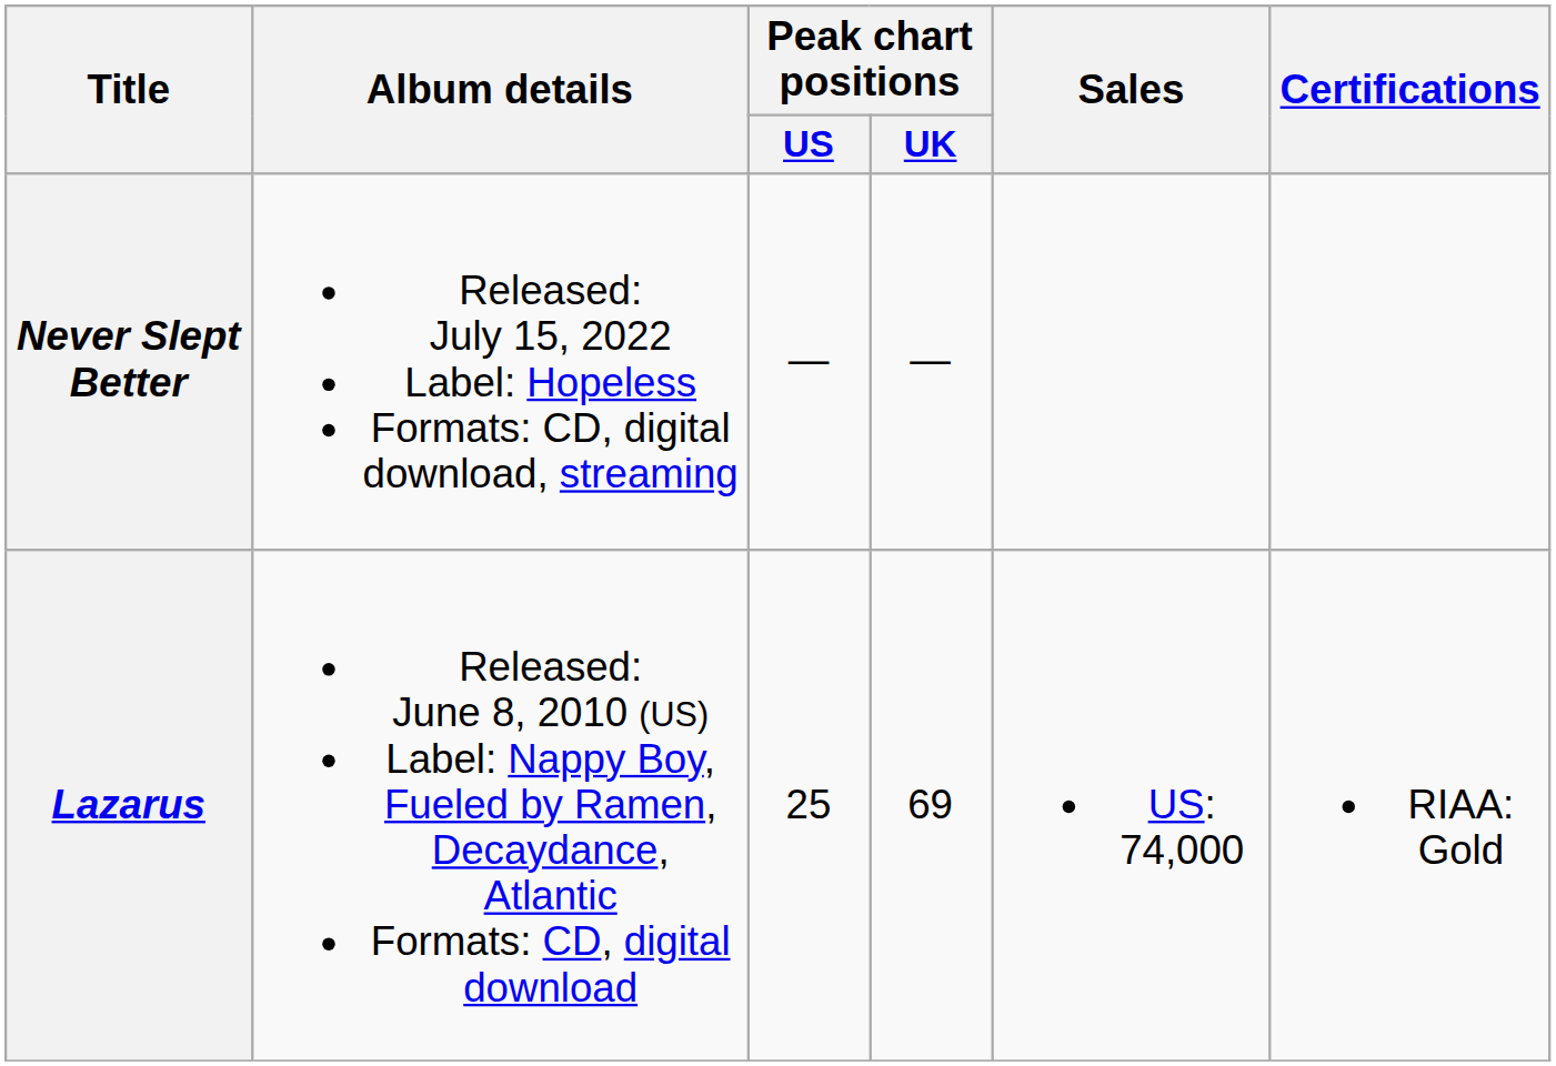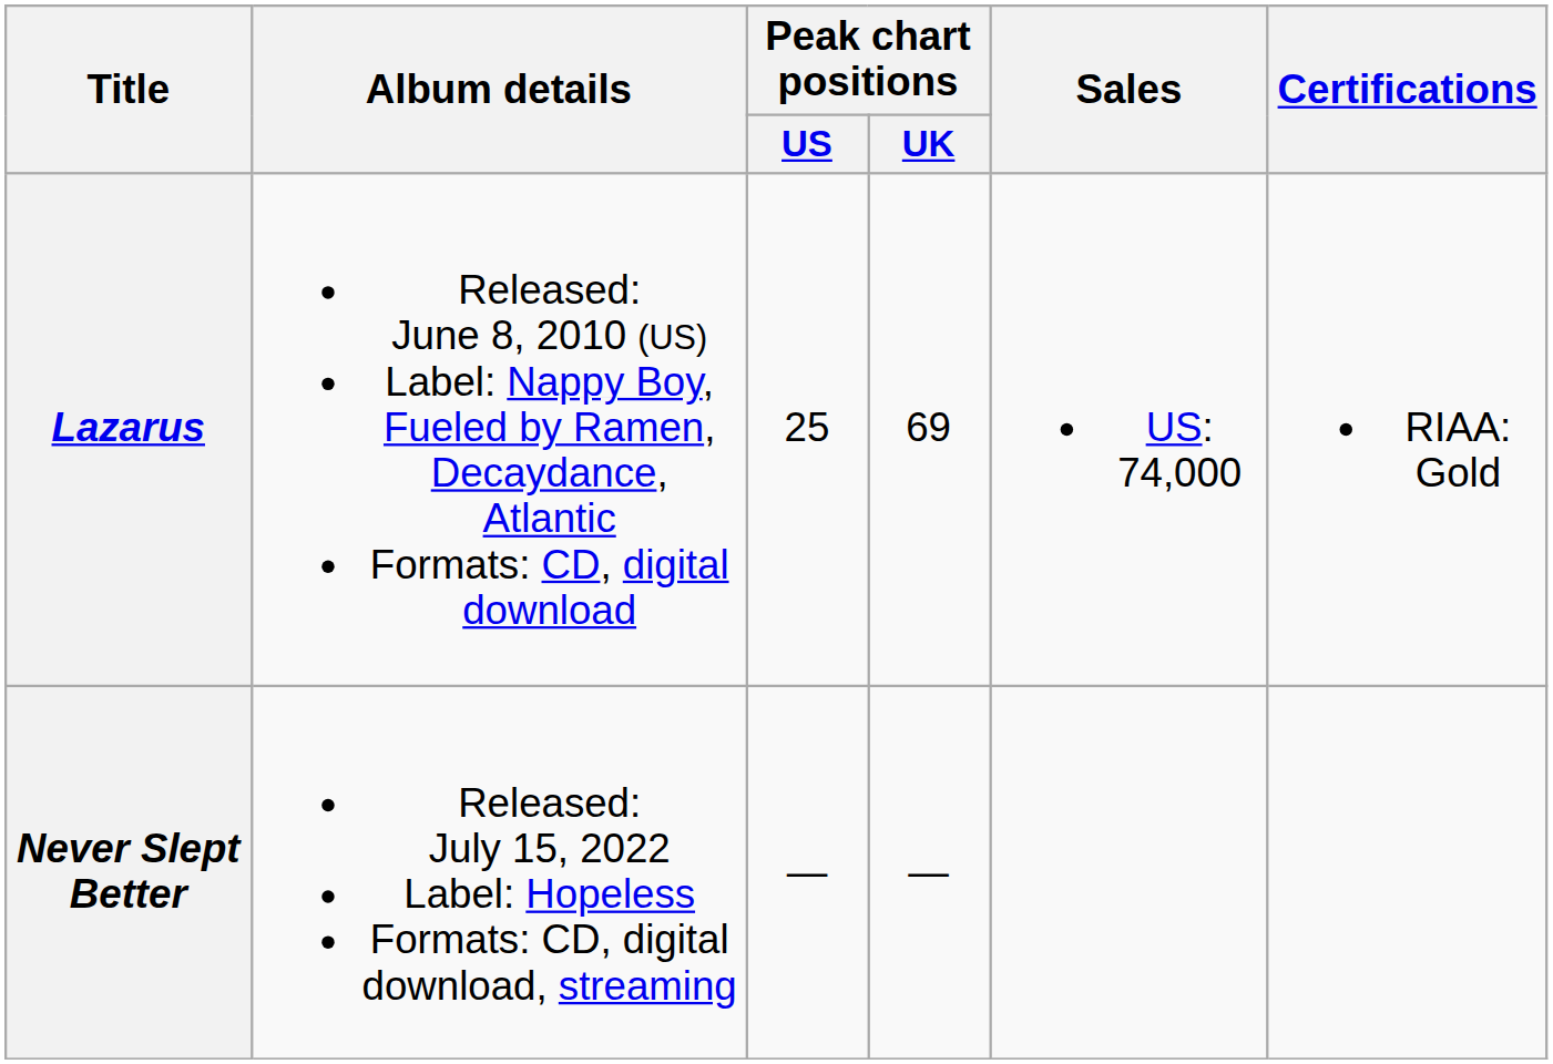 <table class="wikitable plainrowheaders" style="text-align:center;">
 <tr>
 <th scope="col" rowspan="2" style="width:9em;">Title</th>
 <th scope="col" rowspan="2" style="width:18em;">Album details</th>
 <th scope="col" colspan="2">Peak chart positions</th>
 <th scope="col" rowspan="2" style="width:8em;">Sales</th>
 <th scope="col" rowspan="2"><a href='#'>Certifications</a></th>
 </tr>
 <tr>
 <th scope="col" style="width:4em;font-size:90%;"><a href='#'>US</a><br></th>
 <th scope="col" style="width:4em;font-size:90%;"><a href='#'>UK</a><br></th>
 </tr>
 <tr>
+<th scope="row"><em><a href='#'>Lazarus</a></em></th>
+<td><br><ul><li>Released: June 8, 2010 <small>(US)</small></li><li>Label: <a href='#'>Nappy Boy</a>, <a href='#'>Fueled by Ramen</a>, <a href='#'>Decaydance</a>, <a href='#'>Atlantic</a></li><li>Formats: <a href='#'>CD</a>, <a href='#'>digital download</a></li></ul></td>
+<td>25</td>
+<td>69</td>
+<td><br><ul><li><a href='#'>US</a>: 74,000</li></ul></td>
+<td><br><ul><li>RIAA: Gold</li></ul></td>
+</tr>
+<tr>
 <th scope="row"><em>Never Slept Better</em></th>
 <td><br><ul><li>Released: July 15, 2022</li><li>Label: <a href='#'>Hopeless</a></li><li>Formats: CD, digital download, <a href='#'>streaming</a></li></ul></td>
 <td>—</td>
 <td>—</td>
 <td></td>
 <td></td>
 </tr>
-<tr>
-<th scope="row"><em><a href='#'>Lazarus</a></em></th>
-<td><br><ul><li>Released: June 8, 2010 <small>(US)</small></li><li>Label: <a href='#'>Nappy Boy</a>, <a href='#'>Fueled by Ramen</a>, <a href='#'>Decaydance</a>, <a href='#'>Atlantic</a></li><li>Formats: <a href='#'>CD</a>, <a href='#'>digital download</a></li></ul></td>
-<td>25</td>
-<td>69</td>
-<td><br><ul><li><a href='#'>US</a>: 74,000</li></ul></td>
-<td><br><ul><li>RIAA: Gold</li></ul></td>
-</tr>
 </table>
